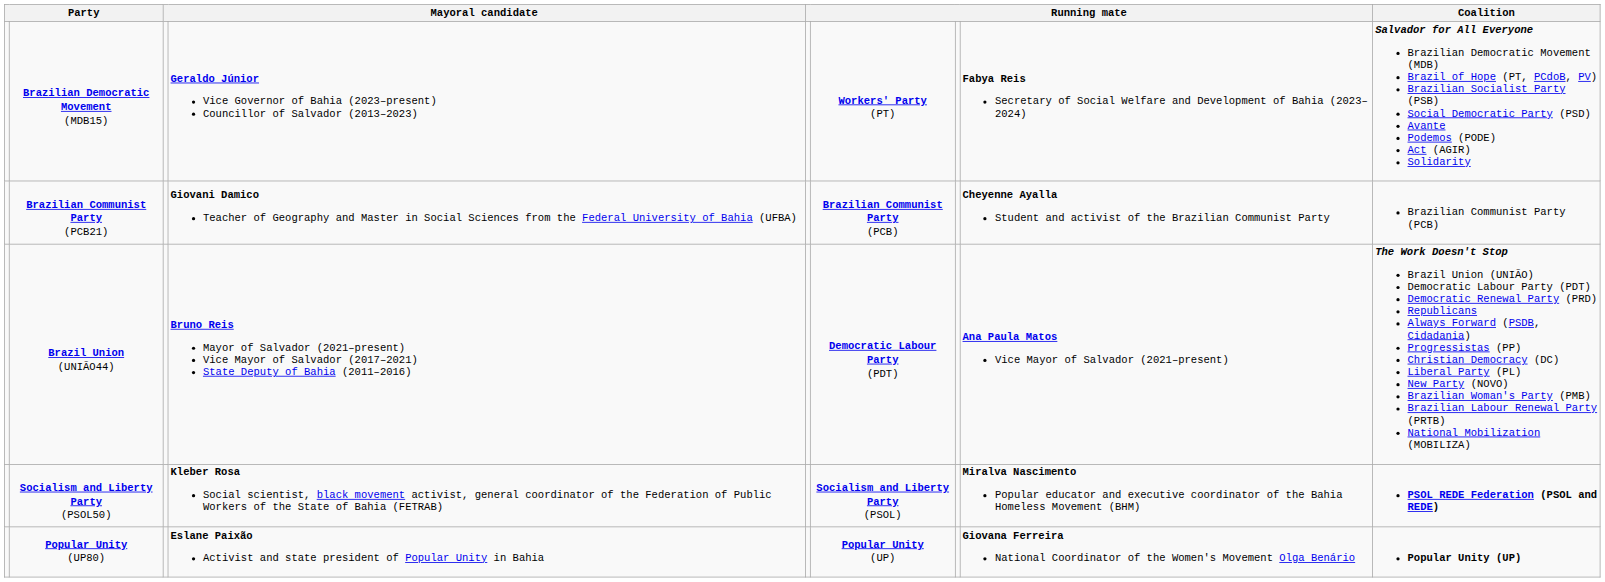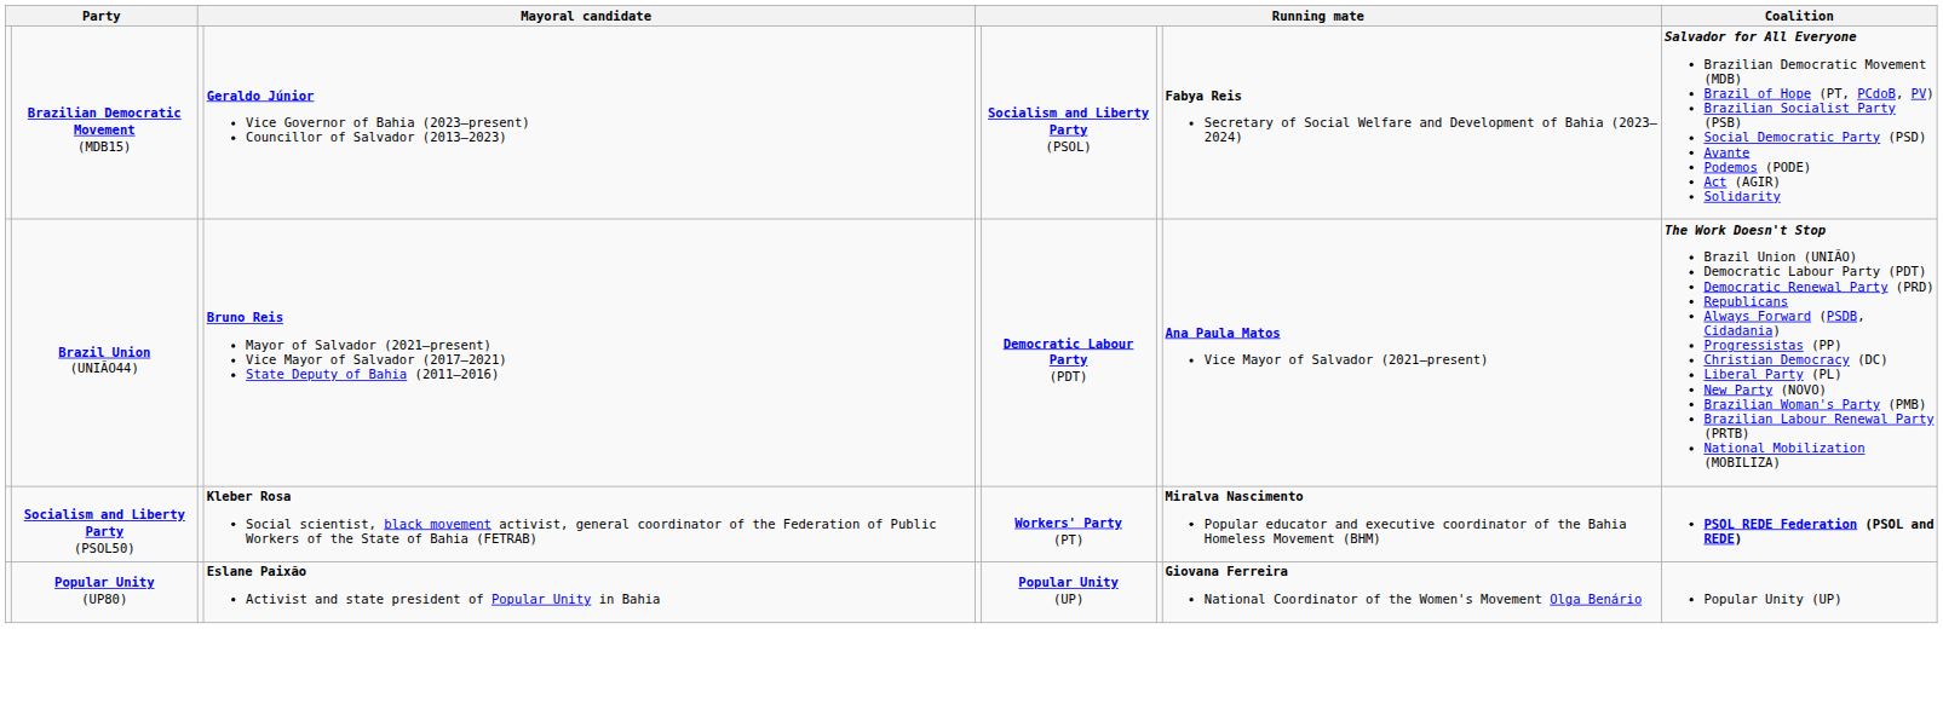 <table class="vertical-align-top wikitable">
 <tr>
 <th colspan="2" scope="colgroup">Party</th>
 <th colspan="2" scope="colgroup">Mayoral candidate</th>
 <th colspan="4">Running mate</th>
 <th scope="col">Coalition</th>
 </tr>
 <tr>
 <td style="background:"></td>
 <td style="text-align:center; line-height:1.3"><br><strong><a href='#'>Brazilian Democratic Movement</a></strong><br>(MDB15)</td>
 <td style="text-align:center; line-height:1.3"></td>
 <td><strong><a href='#'>Geraldo Júnior</a></strong><br><ul><li>Vice Governor of Bahia (2023–present)</li><li>Councillor of Salvador (2013–2023)</li></ul></td>
 <td style="background:"></td>
-<td style="text-align:center; line-height:1.3"><br><a href='#'><strong>Workers' Party</strong></a><br>(PT)</td>
+<td style="text-align:center; line-height:1.3"><br><strong><a href='#'>Socialism and Liberty Party</a></strong><br>(PSOL)</td>
 <td style="text-align:center; line-height:1.3"></td>
 <td><strong>Fabya Reis</strong><br><ul><li>Secretary of Social Welfare and Development of Bahia (2023–2024)</li></ul></td>
 <td><strong><em>Salvador for All Everyone</em></strong><br><ul><li>Brazilian Democratic Movement (MDB)</li><li><a href='#'>Brazil of Hope</a> (PT, <a href='#'>PCdoB</a>, <a href='#'>PV</a>)</li><li><a href='#'>Brazilian Socialist Party</a> (PSB)</li><li><a href='#'>Social Democratic Party</a> (PSD)</li><li><a href='#'>Avante</a></li><li><a href='#'>Podemos</a> (PODE)</li><li><a href='#'>Act</a> (AGIR)</li><li><a href='#'>Solidarity</a></li></ul></td>
-</tr>
-<tr>
-<td style="background:"></td>
-<td style="text-align:center; line-height:1.3"><br><strong><a href='#'>Brazilian Communist Party</a></strong><br>(PCB21)</td>
-<td style="text-align:center; line-height:1.3"></td>
-<td><strong>Giovani Damico</strong><br><ul><li>Teacher of Geography and Master in Social Sciences from the <a href='#'>Federal University of Bahia</a> (UFBA)</li></ul></td>
-<td style="background:"></td>
-<td style="text-align:center; line-height:1.3"><br><strong><a href='#'>Brazilian Communist Party</a></strong><br>(PCB)</td>
-<td style="text-align:center; line-height:1.3"></td>
-<td><strong>Cheyenne Ayalla</strong><br><ul><li>Student and activist of the Brazilian Communist Party</li></ul></td>
-<td><br><ul><li>Brazilian Communist Party (PCB)</li></ul></td>
 </tr>
 <tr>
 <td style="background:"></td>
 <td style="text-align:center; line-height:1.3"><br><strong><a href='#'>Brazil Union</a></strong><br>(UNIÃO44)</td>
 <td style="text-align:center; line-height:1.3"></td>
 <td><a href='#'><strong>Bruno Reis</strong></a><br><ul><li>Mayor of Salvador (2021–present)</li><li>Vice Mayor of Salvador (2017–2021)</li><li><a href='#'>State Deputy of Bahia</a> (2011–2016)</li></ul></td>
 <td style="background:"></td>
 <td style="text-align:center; line-height:1.3"><br><strong><a href='#'>Democratic Labour Party</a></strong><br>(PDT)</td>
 <td style="text-align:center; line-height:1.3"></td>
 <td><strong><a href='#'>Ana Paula Matos</a></strong><br><ul><li>Vice Mayor of Salvador (2021–present)</li></ul></td>
 <td><strong><em>The Work Doesn't Stop</em></strong><br><ul><li>Brazil Union (UNIÃO)</li><li>Democratic Labour Party (PDT)</li><li><a href='#'>Democratic Renewal Party</a> (PRD)</li><li><a href='#'>Republicans</a></li><li><a href='#'>Always Forward</a> (<a href='#'>PSDB</a>, <a href='#'>Cidadania</a>)</li><li><a href='#'>Progressistas</a> (PP)</li><li><a href='#'>Christian Democracy</a> (DC)</li><li><a href='#'>Liberal Party</a> (PL)</li><li><a href='#'>New Party</a> (NOVO)</li><li><a href='#'>Brazilian Woman's Party</a> (PMB)</li><li><a href='#'>Brazilian Labour Renewal Party</a> (PRTB)</li><li><a href='#'>National Mobilization</a> (MOBILIZA)</li></ul></td>
 </tr>
 <tr>
 <td style="background:"></td>
 <td style="text-align:center; line-height:1.3"><br><strong><a href='#'>Socialism and Liberty Party</a></strong><br>(PSOL50)</td>
 <td style="text-align:center; line-height:1.3"></td>
 <td><strong>Kleber Rosa</strong><br><ul><li>Social scientist, <a href='#'>black movement</a> activist, general coordinator of the Federation of Public Workers of the State of Bahia (FETRAB)</li></ul></td>
 <td style="background:"></td>
-<td style="text-align:center; line-height:1.3"><br><strong><a href='#'>Socialism and Liberty Party</a></strong><br>(PSOL)</td>
+<td style="text-align:center; line-height:1.3"><br><a href='#'><strong>Workers' Party</strong></a><br>(PT)</td>
 <td></td>
 <td><strong>Miralva Nascimento</strong><br><ul><li>Popular educator and executive coordinator of the Bahia Homeless Movement (BHM)</li></ul></td>
 <td><strong><br><ul><li><a href='#'>PSOL REDE Federation</a> (PSOL and <a href='#'>REDE</a>)</li></ul></strong></td>
 </tr>
 <tr>
 <td style="background:"></td>
 <td style="text-align:center; line-height:1.3"><strong><a href='#'>Popular Unity</a></strong><br>(UP80)</td>
 <td></td>
 <td><strong>Eslane Paixão</strong><br><ul><li>Activist and state president of <a href='#'>Popular Unity</a> in Bahia</li></ul></td>
 <td style="background:"></td>
 <td style="text-align:center; line-height:1.3"><strong><a href='#'>Popular Unity</a></strong><br>(UP)</td>
 <td></td>
 <td><strong>Giovana Ferreira</strong><br><ul><li>National Coordinator of the Women's Movement <a href='#'>Olga Benário</a></li></ul></td>
-<td><strong><br><ul><li>Popular Unity (UP)</li></ul></strong></td>
+<td><br><ul><li>Popular Unity (UP)</li></ul></td>
 </tr>
 </table>
